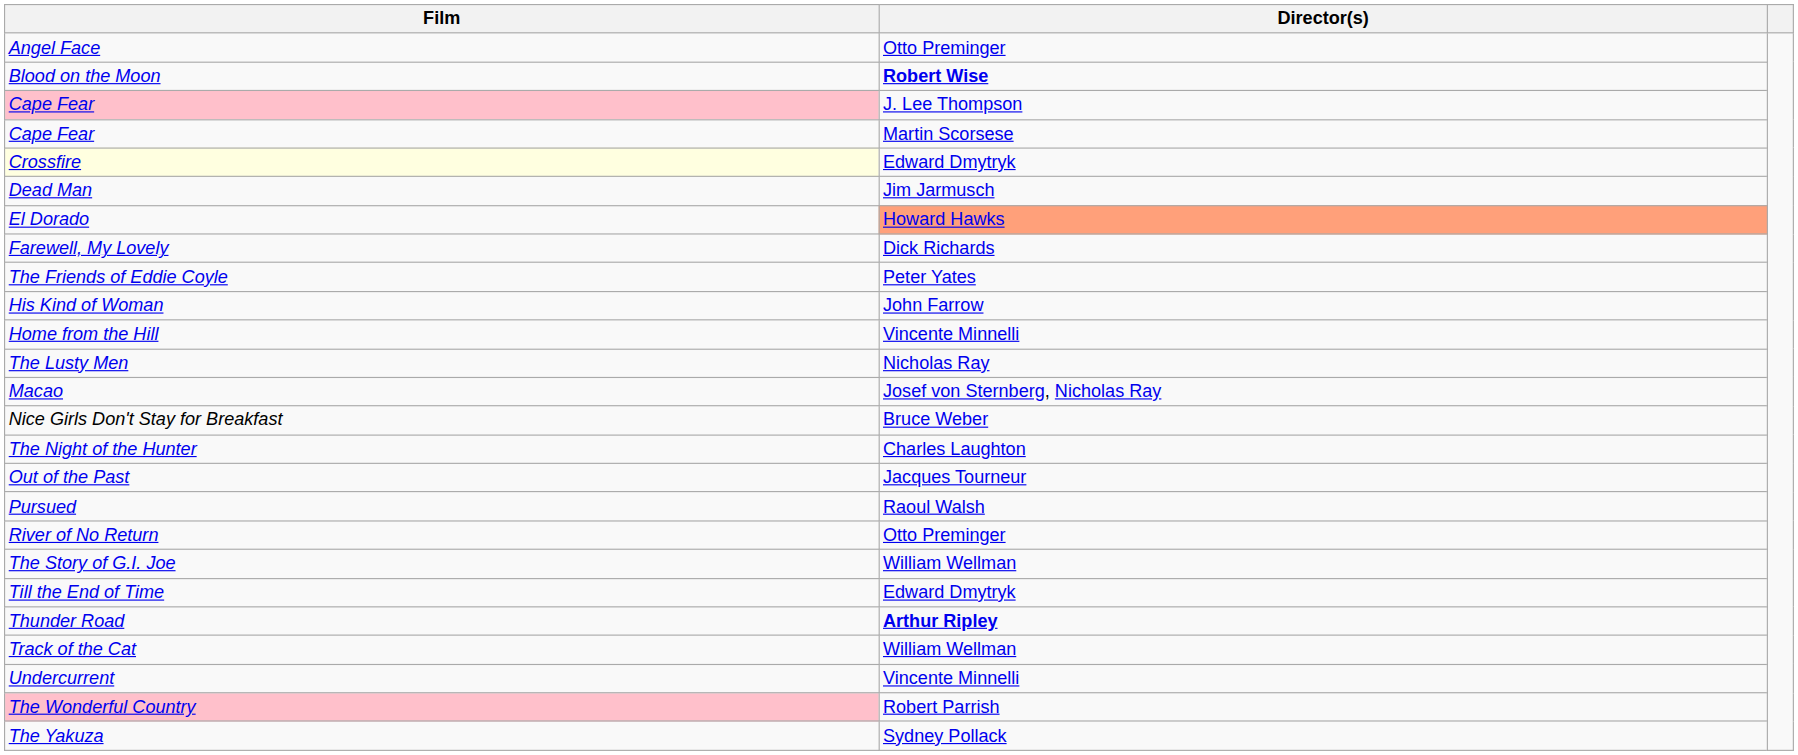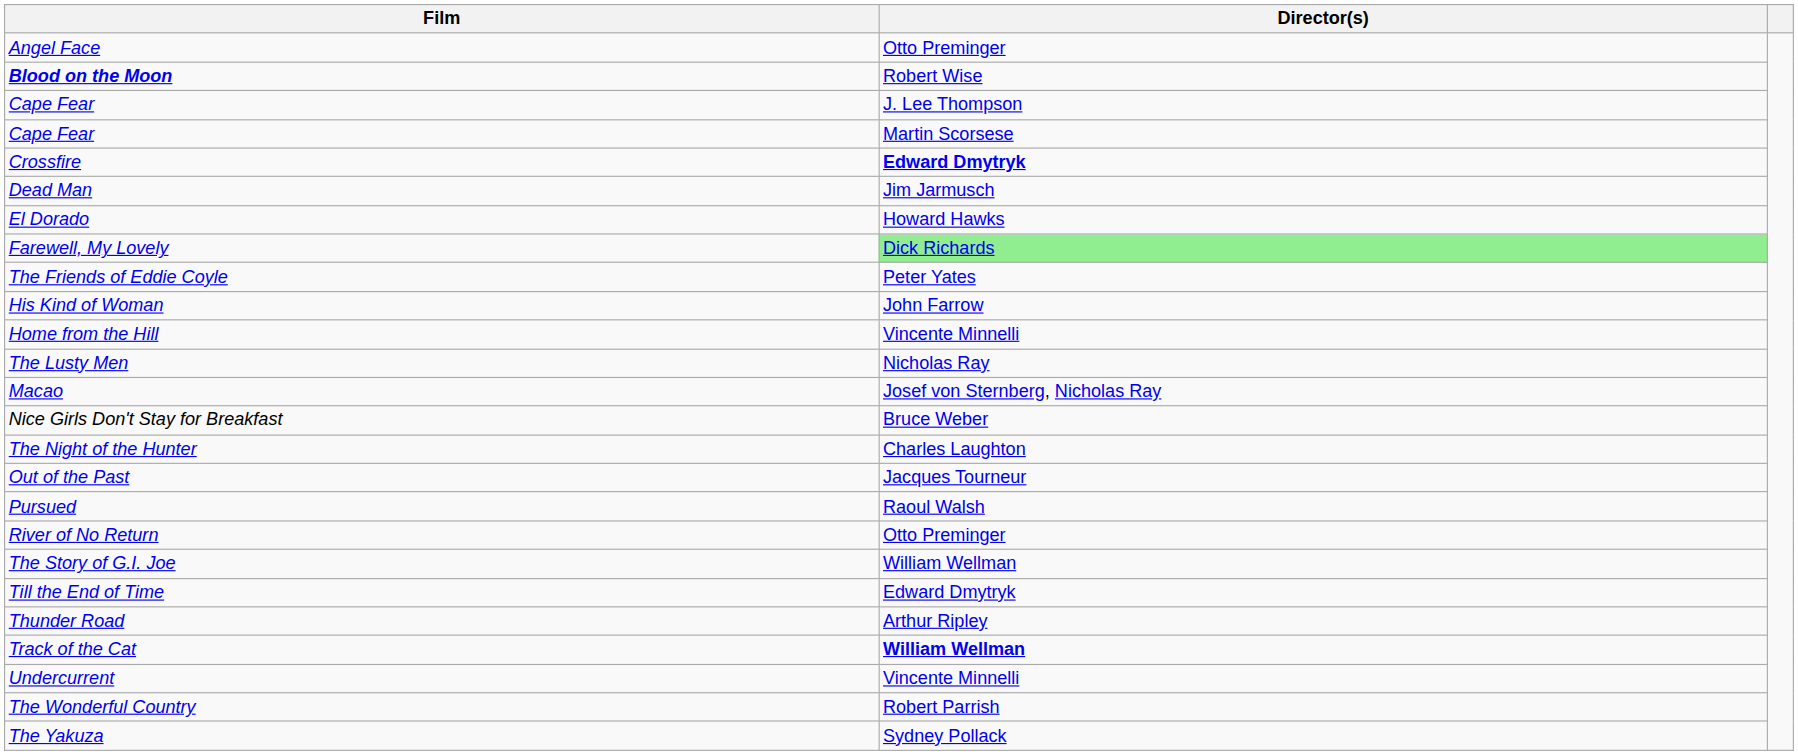 <table class="wikitable" width="100%">
 <tr>
 <th>Film</th>
 <th>Director(s)</th>
 <th></th>
 </tr>
 <tr>
 <td><em><a href='#'>Angel Face</a></em></td>
 <td><a href='#'>Otto Preminger</a></td>
 <td rowspan=25></td>
 </tr>
 <tr>
-<td><em><a href='#'>Blood on the Moon</a></em></td>
-<td><strong><a href='#'>Robert Wise</a></strong></td>
+<td><strong><em><a href='#'>Blood on the Moon</a></em></strong></td>
+<td><a href='#'>Robert Wise</a></td>
 </tr>
 <tr>
-<td style="background: pink;"><em><a href='#'>Cape Fear</a></em></td>
+<td><em><a href='#'>Cape Fear</a></em></td>
 <td><a href='#'>J. Lee Thompson</a></td>
 </tr>
 <tr>
 <td><em><a href='#'>Cape Fear</a></em></td>
 <td><a href='#'>Martin Scorsese</a></td>
 </tr>
 <tr>
-<td style="background: lightyellow;"><em><a href='#'>Crossfire</a></em></td>
-<td><a href='#'>Edward Dmytryk</a></td>
+<td><em><a href='#'>Crossfire</a></em></td>
+<td><strong><a href='#'>Edward Dmytryk</a></strong></td>
 </tr>
 <tr>
 <td><em><a href='#'>Dead Man</a></em></td>
 <td><a href='#'>Jim Jarmusch</a></td>
 </tr>
 <tr>
 <td><em><a href='#'>El Dorado</a></em></td>
-<td style="background: lightsalmon;"><a href='#'>Howard Hawks</a></td>
+<td><a href='#'>Howard Hawks</a></td>
 </tr>
 <tr>
 <td><em><a href='#'>Farewell, My Lovely</a></em></td>
-<td><a href='#'>Dick Richards</a></td>
+<td style="background: lightgreen;"><a href='#'>Dick Richards</a></td>
 </tr>
 <tr>
 <td><em><a href='#'>The Friends of Eddie Coyle</a></em></td>
 <td><a href='#'>Peter Yates</a></td>
 </tr>
 <tr>
 <td><em><a href='#'>His Kind of Woman</a></em></td>
 <td><a href='#'>John Farrow</a></td>
 </tr>
 <tr>
 <td><em><a href='#'>Home from the Hill</a></em></td>
 <td><a href='#'>Vincente Minnelli</a></td>
 </tr>
 <tr>
 <td><em><a href='#'>The Lusty Men</a></em></td>
 <td><a href='#'>Nicholas Ray</a></td>
 </tr>
 <tr>
 <td><em><a href='#'>Macao</a></em></td>
 <td><a href='#'>Josef von Sternberg</a>, <a href='#'>Nicholas Ray</a></td>
 </tr>
 <tr>
 <td><em>Nice Girls Don't Stay for Breakfast</em></td>
 <td><a href='#'>Bruce Weber</a></td>
 </tr>
 <tr>
 <td><em><a href='#'>The Night of the Hunter</a></em></td>
 <td><a href='#'>Charles Laughton</a></td>
 </tr>
 <tr>
 <td><em><a href='#'>Out of the Past</a></em></td>
 <td><a href='#'>Jacques Tourneur</a></td>
 </tr>
 <tr>
 <td><em><a href='#'>Pursued</a></em></td>
 <td><a href='#'>Raoul Walsh</a></td>
 </tr>
 <tr>
 <td><em><a href='#'>River of No Return</a></em></td>
 <td><a href='#'>Otto Preminger</a></td>
 </tr>
 <tr>
 <td><em><a href='#'>The Story of G.I. Joe</a></em></td>
 <td><a href='#'>William Wellman</a></td>
 </tr>
 <tr>
 <td><em><a href='#'>Till the End of Time</a></em></td>
 <td><a href='#'>Edward Dmytryk</a></td>
 </tr>
 <tr>
 <td><em><a href='#'>Thunder Road</a></em></td>
-<td><strong><a href='#'>Arthur Ripley</a></strong></td>
+<td><a href='#'>Arthur Ripley</a></td>
 </tr>
 <tr>
 <td><em><a href='#'>Track of the Cat</a></em></td>
-<td><a href='#'>William Wellman</a></td>
+<td><strong><a href='#'>William Wellman</a></strong></td>
 </tr>
 <tr>
 <td><em><a href='#'>Undercurrent</a></em></td>
 <td><a href='#'>Vincente Minnelli</a></td>
 </tr>
 <tr>
-<td style="background: pink;"><em><a href='#'>The Wonderful Country</a></em></td>
+<td><em><a href='#'>The Wonderful Country</a></em></td>
 <td><a href='#'>Robert Parrish</a></td>
 </tr>
 <tr>
 <td><em><a href='#'>The Yakuza</a></em></td>
 <td><a href='#'>Sydney Pollack</a></td>
 </tr>
 </table>
